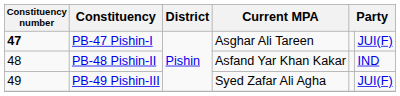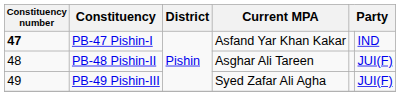 <table class="wikitable">
 <tr>
 <th width="50px" style="font-size:75%">Constituency number</th>
 <th>Constituency</th>
 <th>District</th>
 <th>Current MPA</th>
 <th colspan="2">Party</th>
 </tr>
 <tr>
 <td><strong>47</strong></td>
 <td><a href='#'>PB-47 Pishin-I</a></td>
 <td rowspan="3"><a href='#'>Pishin</a></td>
-<td>Asghar Ali Tareen</td>
+<td>Asfand Yar Khan Kakar</td>
 <td></td>
-<td><a href='#'>JUI(F)</a></td>
+<td><a href='#'>IND</a></td>
 </tr>
 <tr>
 <td>48</td>
 <td><a href='#'>PB-48 Pishin-II</a></td>
-<td>Asfand Yar Khan Kakar</td>
+<td>Asghar Ali Tareen</td>
 <td></td>
-<td><a href='#'>IND</a></td>
+<td><a href='#'>JUI(F)</a></td>
 </tr>
 <tr>
 <td>49</td>
 <td><a href='#'>PB-49 Pishin-III</a></td>
 <td>Syed Zafar Ali Agha</td>
 <td></td>
 <td><a href='#'>JUI(F)</a></td>
 </tr>
 <tr>
 </tr>
 </table>
